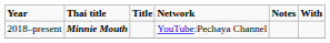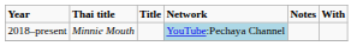 <table class="wikitable" style="font-size: 85%;">
 <tr>
 <td><strong>Year</strong></td>
 <td><strong>Thai title</strong></td>
 <td><strong>Title</strong></td>
 <td><strong>Network</strong></td>
 <td><strong>Notes</strong></td>
 <td><strong>With</strong></td>
 </tr>
 <tr>
 <td rowspan="1">2018–present</td>
-<td><strong><em>Minnie Mouth</em></strong></td>
+<td><em>Minnie Mouth</em></td>
 <td><em> </em></td>
-<td><a href='#'>YouTube</a>:Pechaya Channel</td>
+<td style="background: lightblue;"><a href='#'>YouTube</a>:Pechaya Channel</td>
 <td></td>
 <td></td>
 </tr>
 <tr>
 </tr>
 </table>
